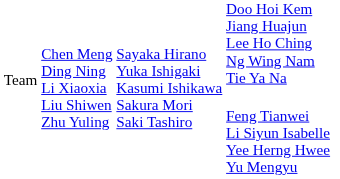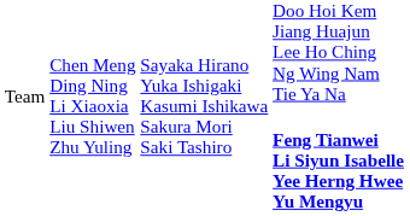 <table>
 <tr>
 <td rowspan=2>Team</td>
 <td rowspan=2><br><a href='#'>Chen Meng</a><br><a href='#'>Ding Ning</a><br><a href='#'>Li Xiaoxia</a><br><a href='#'>Liu Shiwen</a><br><a href='#'>Zhu Yuling</a></td>
 <td rowspan=2><br><a href='#'>Sayaka Hirano</a><br><a href='#'>Yuka Ishigaki</a><br><a href='#'>Kasumi Ishikawa</a><br><a href='#'>Sakura Mori</a><br><a href='#'>Saki Tashiro</a></td>
 <td><br><a href='#'>Doo Hoi Kem</a><br><a href='#'>Jiang Huajun</a><br><a href='#'>Lee Ho Ching</a><br><a href='#'>Ng Wing Nam</a><br><a href='#'>Tie Ya Na</a></td>
 </tr>
 <tr>
-<td><br><a href='#'>Feng Tianwei</a><br><a href='#'>Li Siyun Isabelle</a><br><a href='#'>Yee Herng Hwee</a><br><a href='#'>Yu Mengyu</a></td>
+<td><strong><br><a href='#'>Feng Tianwei</a><br><a href='#'>Li Siyun Isabelle</a><br><a href='#'>Yee Herng Hwee</a><br><a href='#'>Yu Mengyu</a></strong></td>
 </tr>
 </table>
